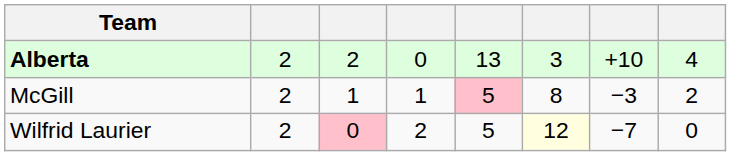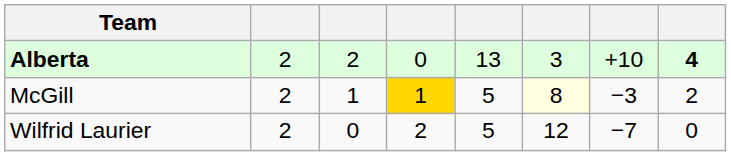 <table class="wikitable" style="text-align:center;">
 <tr>
 <th width=165>Team</th>
 <th width=40></th>
 <th width=40></th>
 <th width=40></th>
 <th width=40></th>
 <th width=40></th>
 <th width=40></th>
 <th width=40></th>
 </tr>
 <tr style="background:#ddffdd">
 <td style="text-align:left;"><strong>Alberta</strong></td>
 <td>2</td>
 <td>2</td>
 <td>0</td>
 <td>13</td>
 <td>3</td>
 <td>+10</td>
-<td>4</td>
+<td><strong>4</strong></td>
 </tr>
 <tr>
 <td style="text-align:left;">McGill</td>
 <td>2</td>
 <td>1</td>
-<td>1</td>
-<td style="background: pink;">5</td>
-<td>8</td>
+<td style="background: gold;">1</td>
+<td>5</td>
+<td style="background: lightyellow;">8</td>
 <td>−3</td>
 <td>2</td>
 </tr>
 <tr>
 <td style="text-align:left;">Wilfrid Laurier</td>
 <td>2</td>
-<td style="background: pink;">0</td>
+<td>0</td>
 <td>2</td>
 <td>5</td>
-<td style="background: lightyellow;">12</td>
+<td>12</td>
 <td>−7</td>
 <td>0</td>
 </tr>
 </table>
